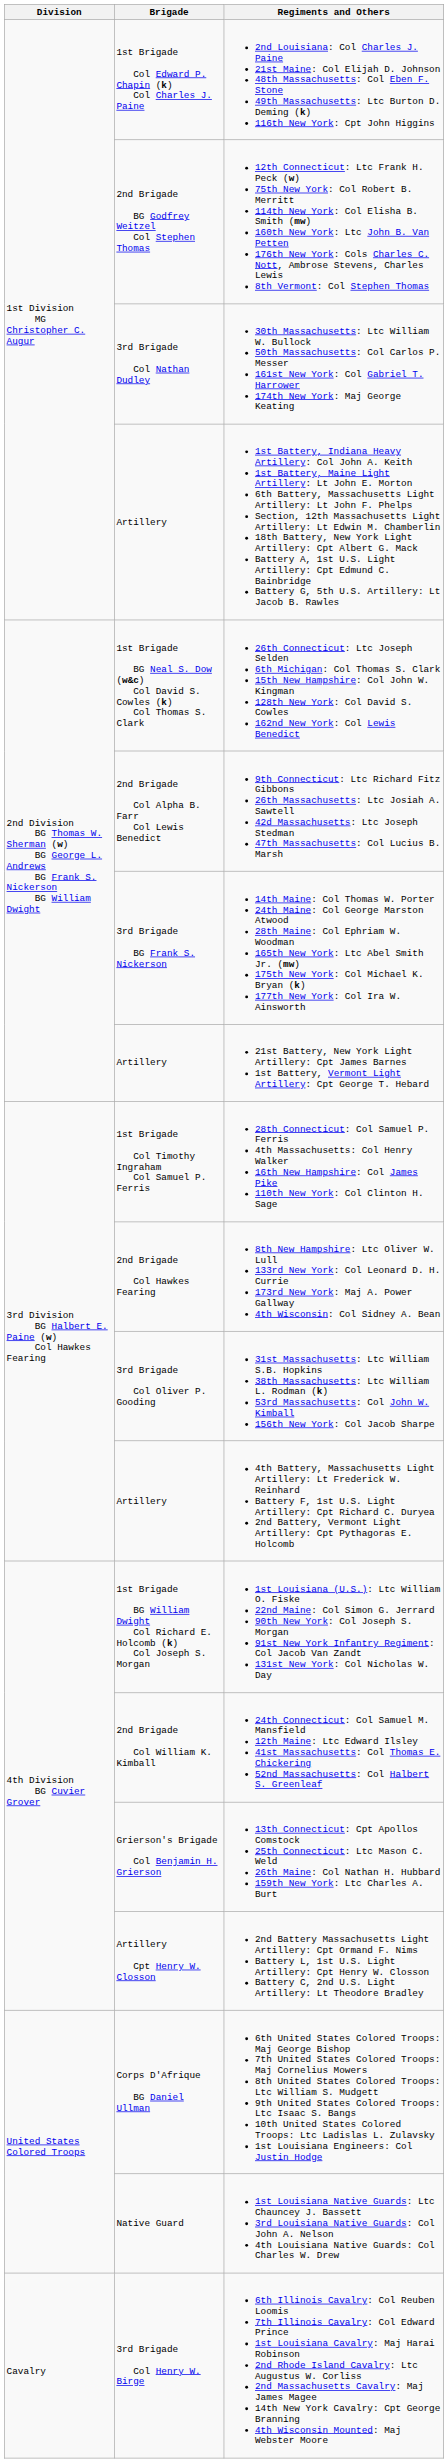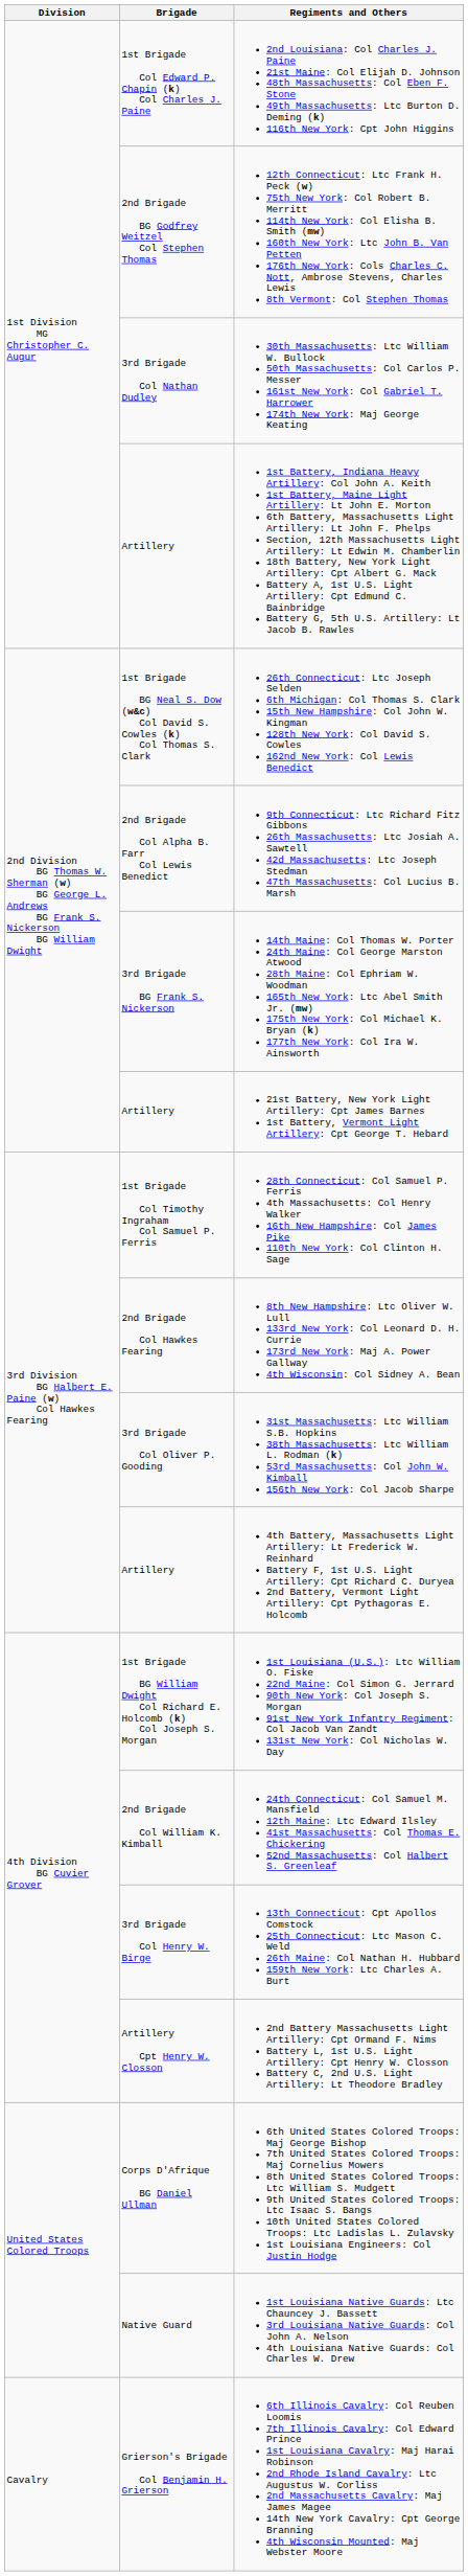 <table class="wikitable">
 <tr>
 <th width=25%>Division</th>
 <th width=25%>Brigade</th>
 <th>Regiments and Others</th>
 </tr>
 <tr>
 <td rowspan=4><br>1st Division <br>     MG <a href='#'>Christopher C. Augur</a></td>
 <td>1st Brigade<br><br>   Col <a href='#'>Edward P. Chapin</a> (<strong>k</strong>) <br>   Col <a href='#'>Charles J. Paine</a></td>
 <td><br><ul><li><a href='#'>2nd Louisiana</a>: Col <a href='#'>Charles J. Paine</a></li><li><a href='#'>21st Maine</a>: Col Elijah D. Johnson</li><li><a href='#'>48th Massachusetts</a>: Col <a href='#'>Eben F. Stone</a></li><li><a href='#'>49th Massachusetts</a>: Ltc Burton D. Deming (<strong>k</strong>)</li><li><a href='#'>116th New York</a>: Cpt John Higgins</li></ul></td>
 </tr>
 <tr>
 <td>2nd Brigade<br><br>   BG <a href='#'>Godfrey Weitzel</a> <br>   Col <a href='#'>Stephen Thomas</a></td>
 <td><br><ul><li><a href='#'>12th Connecticut</a>: Ltc Frank H. Peck (<strong>w</strong>)</li><li><a href='#'>75th New York</a>: Col Robert B. Merritt</li><li><a href='#'>114th New York</a>: Col Elisha B. Smith (<strong>mw</strong>)</li><li><a href='#'>160th New York</a>: Ltc <a href='#'>John B. Van Petten</a></li><li><a href='#'>176th New York</a>: Cols <a href='#'>Charles C. Nott</a>, Ambrose Stevens, Charles Lewis</li><li><a href='#'>8th Vermont</a>: Col <a href='#'>Stephen Thomas</a></li></ul></td>
 </tr>
 <tr>
 <td>3rd Brigade<br><br>   Col <a href='#'>Nathan Dudley</a></td>
 <td><br><ul><li><a href='#'>30th Massachusetts</a>: Ltc William W. Bullock</li><li><a href='#'>50th Massachusetts</a>: Col Carlos P. Messer</li><li><a href='#'>161st New York</a>: Col <a href='#'>Gabriel T. Harrower</a></li><li><a href='#'>174th New York</a>: Maj George Keating</li></ul></td>
 </tr>
 <tr>
 <td>Artillery</td>
 <td><br><ul><li><a href='#'>1st Battery, Indiana Heavy Artillery</a>: Col John A. Keith</li><li><a href='#'>1st Battery, Maine Light Artillery</a>: Lt John E. Morton</li><li>6th Battery, Massachusetts Light Artillery: Lt John F. Phelps</li><li>Section, 12th Massachusetts Light Artillery: Lt Edwin M. Chamberlin</li><li>18th Battery, New York Light Artillery: Cpt Albert G. Mack</li><li>Battery A, 1st U.S. Light Artillery: Cpt Edmund C. Bainbridge</li><li>Battery G, 5th U.S. Artillery: Lt Jacob B. Rawles</li></ul></td>
 </tr>
 <tr>
 <td rowspan=4><br>2nd Division <br>     BG <a href='#'>Thomas W. Sherman</a> (<strong>w</strong>) <br>     BG <a href='#'>George L. Andrews</a> <br>     BG <a href='#'>Frank S. Nickerson</a> <br>     BG <a href='#'>William Dwight</a></td>
 <td>1st Brigade<br><br>   BG <a href='#'>Neal S. Dow</a> (<strong>w&c</strong>) <br>   Col David S. Cowles (<strong>k</strong>) <br>   Col Thomas S. Clark</td>
 <td><br><ul><li><a href='#'>26th Connecticut</a>: Ltc Joseph Selden</li><li><a href='#'>6th Michigan</a>: Col Thomas S. Clark</li><li><a href='#'>15th New Hampshire</a>: Col John W. Kingman</li><li><a href='#'>128th New York</a>: Col David S. Cowles</li><li><a href='#'>162nd New York</a>: Col <a href='#'>Lewis Benedict</a></li></ul></td>
 </tr>
 <tr>
 <td>2nd Brigade<br><br>   Col Alpha B. Farr <br>   Col Lewis Benedict</td>
 <td><br><ul><li><a href='#'>9th Connecticut</a>: Ltc Richard Fitz Gibbons</li><li><a href='#'>26th Massachusetts</a>: Ltc Josiah A. Sawtell</li><li><a href='#'>42d Massachusetts</a>: Ltc Joseph Stedman</li><li><a href='#'>47th Massachusetts</a>: Col Lucius B. Marsh</li></ul></td>
 </tr>
 <tr>
 <td>3rd Brigade<br><br>   BG <a href='#'>Frank S. Nickerson</a></td>
 <td><br><ul><li><a href='#'>14th Maine</a>: Col Thomas W. Porter</li><li><a href='#'>24th Maine</a>: Col George Marston Atwood</li><li><a href='#'>28th Maine</a>: Col Ephriam W. Woodman</li><li><a href='#'>165th New York</a>: Ltc Abel Smith Jr. (<strong>mw</strong>)</li><li><a href='#'>175th New York</a>: Col Michael K. Bryan (<strong>k</strong>)</li><li><a href='#'>177th New York</a>: Col Ira W. Ainsworth</li></ul></td>
 </tr>
 <tr>
 <td>Artillery</td>
 <td><br><ul><li>21st Battery, New York Light Artillery: Cpt James Barnes</li><li>1st Battery, <a href='#'>Vermont Light Artillery</a>: Cpt George T. Hebard</li></ul></td>
 </tr>
 <tr>
 <td rowspan=4><br>3rd Division <br>     BG <a href='#'>Halbert E. Paine</a> (<strong>w</strong>) <br>     Col Hawkes Fearing</td>
 <td>1st Brigade<br><br>   Col Timothy Ingraham <br>   Col Samuel P. Ferris</td>
 <td><br><ul><li><a href='#'>28th Connecticut</a>: Col Samuel P. Ferris</li><li>4th Massachusetts: Col Henry Walker</li><li><a href='#'>16th New Hampshire</a>: Col <a href='#'>James Pike</a></li><li><a href='#'>110th New York</a>: Col Clinton H. Sage</li></ul></td>
 </tr>
 <tr>
 <td>2nd Brigade<br><br>   Col Hawkes Fearing</td>
 <td><br><ul><li><a href='#'>8th New Hampshire</a>: Ltc Oliver W. Lull</li><li><a href='#'>133rd New York</a>: Col Leonard D. H. Currie</li><li><a href='#'>173rd New York</a>: Maj A. Power Gallway</li><li><a href='#'>4th Wisconsin</a>: Col Sidney A. Bean</li></ul></td>
 </tr>
 <tr>
 <td>3rd Brigade<br><br>   Col Oliver P. Gooding</td>
 <td><br><ul><li><a href='#'>31st Massachusetts</a>: Ltc William S.B. Hopkins</li><li><a href='#'>38th Massachusetts</a>: Ltc William L. Rodman (<strong>k</strong>)</li><li><a href='#'>53rd Massachusetts</a>: Col <a href='#'>John W. Kimball</a></li><li><a href='#'>156th New York</a>: Col Jacob Sharpe</li></ul></td>
 </tr>
 <tr>
 <td>Artillery</td>
 <td><br><ul><li>4th Battery, Massachusetts Light Artillery: Lt Frederick W. Reinhard</li><li>Battery F, 1st U.S. Light Artillery: Cpt Richard C. Duryea</li><li>2nd Battery, Vermont Light Artillery: Cpt Pythagoras E. Holcomb</li></ul></td>
 </tr>
 <tr>
 <td rowspan=4><br>4th Division <br>     BG <a href='#'>Cuvier Grover</a></td>
 <td>1st Brigade<br><br>   BG <a href='#'>William Dwight</a> <br>   Col Richard E. Holcomb (<strong>k</strong>) <br>   Col Joseph S. Morgan</td>
 <td><br><ul><li><a href='#'>1st Louisiana (U.S.)</a>: Ltc William O. Fiske</li><li><a href='#'>22nd Maine</a>: Col Simon G. Jerrard</li><li><a href='#'>90th New York</a>: Col Joseph S. Morgan</li><li><a href='#'>91st New York Infantry Regiment</a>: Col Jacob Van Zandt</li><li><a href='#'>131st New York</a>: Col Nicholas W. Day</li></ul></td>
 </tr>
 <tr>
 <td>2nd Brigade<br><br>   Col William K. Kimball</td>
 <td><br><ul><li><a href='#'>24th Connecticut</a>: Col Samuel M. Mansfield</li><li><a href='#'>12th Maine</a>: Ltc Edward Ilsley</li><li><a href='#'>41st Massachusetts</a>: Col <a href='#'>Thomas E. Chickering</a></li><li><a href='#'>52nd Massachusetts</a>: Col <a href='#'>Halbert S. Greenleaf</a></li></ul></td>
 </tr>
 <tr>
-<td>Grierson's Brigade<br><br>   Col <a href='#'>Benjamin H. Grierson</a></td>
+<td>3rd Brigade<br><br>   Col <a href='#'>Henry W. Birge</a></td>
 <td><br><ul><li><a href='#'>13th Connecticut</a>: Cpt Apollos Comstock</li><li><a href='#'>25th Connecticut</a>: Ltc Mason C. Weld</li><li><a href='#'>26th Maine</a>: Col Nathan H. Hubbard</li><li><a href='#'>159th New York</a>: Ltc Charles A. Burt</li></ul></td>
 </tr>
 <tr>
 <td>Artillery<br><br>   Cpt <a href='#'>Henry W. Closson</a></td>
 <td><br><ul><li>2nd Battery Massachusetts Light Artillery: Cpt Ormand F. Nims</li><li>Battery L, 1st U.S. Light Artillery: Cpt Henry W. Closson</li><li>Battery C, 2nd U.S. Light Artillery: Lt Theodore Bradley</li></ul></td>
 </tr>
 <tr>
 <td rowspan=2><br><a href='#'>United States Colored Troops</a></td>
 <td>Corps D'Afrique<br><br>   BG <a href='#'>Daniel Ullman</a></td>
 <td><br><ul><li>6th United States Colored Troops: Maj George Bishop</li><li>7th United States Colored Troops: Maj Cornelius Mowers</li><li>8th United States Colored Troops: Ltc William S. Mudgett</li><li>9th United States Colored Troops: Ltc Isaac S. Bangs</li><li>10th United States Colored Troops: Ltc Ladislas L. Zulavsky</li><li>1st Louisiana Engineers: Col <a href='#'>Justin Hodge</a></li></ul></td>
 </tr>
 <tr>
 <td>Native Guard</td>
 <td><br><ul><li><a href='#'>1st Louisiana Native Guards</a>: Ltc Chauncey J. Bassett</li><li><a href='#'>3rd Louisiana Native Guards</a>: Col John A. Nelson</li><li>4th Louisiana Native Guards: Col Charles W. Drew</li></ul></td>
 </tr>
 <tr>
 <td rowspan=1><br>Cavalry</td>
-<td>3rd Brigade<br><br>   Col <a href='#'>Henry W. Birge</a></td>
+<td>Grierson's Brigade<br><br>   Col <a href='#'>Benjamin H. Grierson</a></td>
 <td><br><ul><li><a href='#'>6th Illinois Cavalry</a>: Col Reuben Loomis</li><li><a href='#'>7th Illinois Cavalry</a>: Col Edward Prince</li><li><a href='#'>1st Louisiana Cavalry</a>: Maj Harai Robinson</li><li><a href='#'>2nd Rhode Island Cavalry</a>: Ltc Augustus W. Corliss</li><li><a href='#'>2nd Massachusetts Cavalry</a>: Maj James Magee</li><li>14th New York Cavalry: Cpt George Branning</li><li><a href='#'>4th Wisconsin Mounted</a>: Maj Webster Moore</li></ul></td>
 </tr>
 </table>
